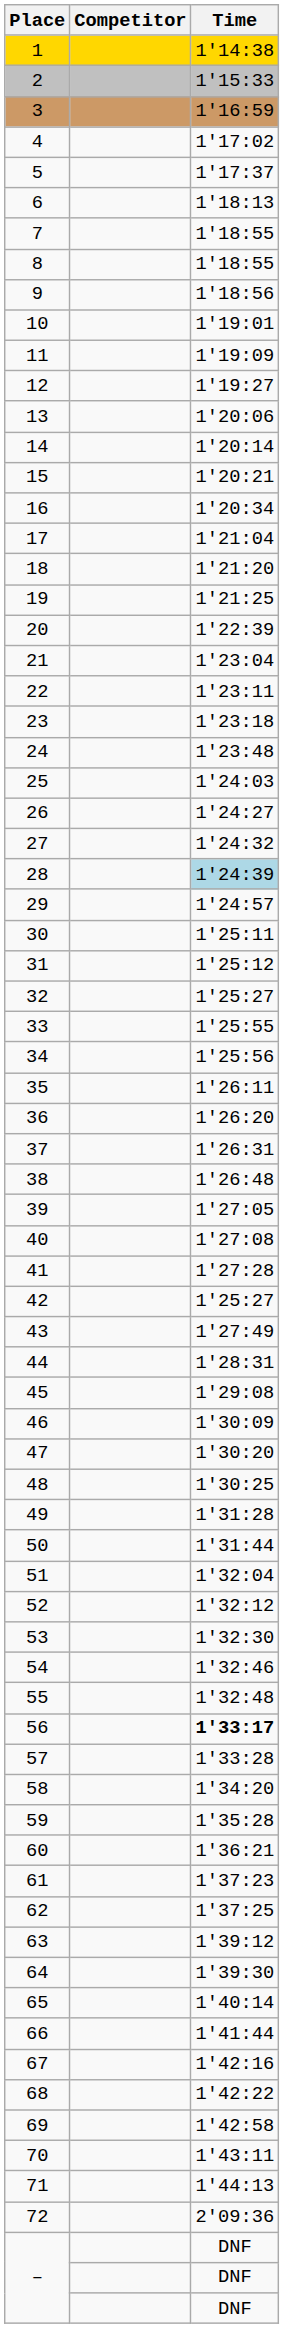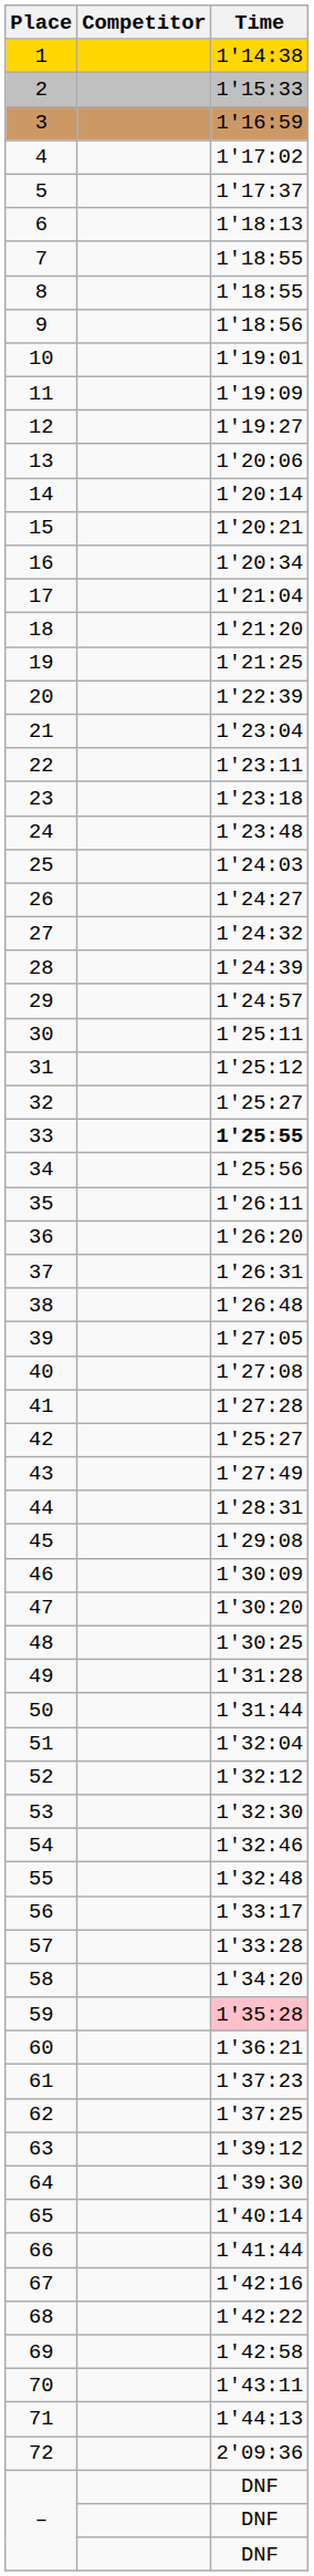 <table class=wikitable style="text-align:center">
 <tr>
 <th>Place</th>
 <th>Competitor</th>
 <th>Time</th>
 </tr>
 <tr align=center bgcolor=gold>
 <td>1</td>
 <td align=left></td>
 <td>1'14:38</td>
 </tr>
 <tr align=center bgcolor=silver>
 <td>2</td>
 <td align=left></td>
 <td>1'15:33</td>
 </tr>
 <tr align=center bgcolor=cc9966>
 <td>3</td>
 <td align=left></td>
 <td>1'16:59</td>
 </tr>
 <tr>
 <td>4</td>
 <td align=left></td>
 <td>1'17:02</td>
 </tr>
 <tr>
 <td>5</td>
 <td align=left></td>
 <td>1'17:37</td>
 </tr>
 <tr>
 <td>6</td>
 <td align=left></td>
 <td>1'18:13</td>
 </tr>
 <tr>
 <td>7</td>
 <td align=left></td>
 <td>1'18:55</td>
 </tr>
 <tr>
 <td>8</td>
 <td align=left></td>
 <td>1'18:55</td>
 </tr>
 <tr>
 <td>9</td>
 <td align=left></td>
 <td>1'18:56</td>
 </tr>
 <tr>
 <td>10</td>
 <td align=left></td>
 <td>1'19:01</td>
 </tr>
 <tr>
 <td>11</td>
 <td align=left></td>
 <td>1'19:09</td>
 </tr>
 <tr>
 <td>12</td>
 <td align=left></td>
 <td>1'19:27</td>
 </tr>
 <tr>
 <td>13</td>
 <td align=left></td>
 <td>1'20:06</td>
 </tr>
 <tr>
 <td>14</td>
 <td align=left></td>
 <td>1'20:14</td>
 </tr>
 <tr>
 <td>15</td>
 <td align=left></td>
 <td>1'20:21</td>
 </tr>
 <tr>
 <td>16</td>
 <td align=left></td>
 <td>1'20:34</td>
 </tr>
 <tr>
 <td>17</td>
 <td align=left></td>
 <td>1'21:04</td>
 </tr>
 <tr>
 <td>18</td>
 <td align=left></td>
 <td>1'21:20</td>
 </tr>
 <tr>
 <td>19</td>
 <td align=left></td>
 <td>1'21:25</td>
 </tr>
 <tr>
 <td>20</td>
 <td align=left></td>
 <td>1'22:39</td>
 </tr>
 <tr>
 <td>21</td>
 <td align=left></td>
 <td>1'23:04</td>
 </tr>
 <tr>
 <td>22</td>
 <td align=left></td>
 <td>1'23:11</td>
 </tr>
 <tr>
 <td>23</td>
 <td align=left></td>
 <td>1'23:18</td>
 </tr>
 <tr>
 <td>24</td>
 <td align=left></td>
 <td>1'23:48</td>
 </tr>
 <tr>
 <td>25</td>
 <td align=left></td>
 <td>1'24:03</td>
 </tr>
 <tr>
 <td>26</td>
 <td align=left></td>
 <td>1'24:27</td>
 </tr>
 <tr>
 <td>27</td>
 <td align=left></td>
 <td>1'24:32</td>
 </tr>
 <tr>
 <td>28</td>
 <td align=left></td>
-<td style="background: lightblue;">1'24:39</td>
+<td>1'24:39</td>
 </tr>
 <tr>
 <td>29</td>
 <td align=left></td>
 <td>1'24:57</td>
 </tr>
 <tr>
 <td>30</td>
 <td align=left></td>
 <td>1'25:11</td>
 </tr>
 <tr>
 <td>31</td>
 <td align=left></td>
 <td>1'25:12</td>
 </tr>
 <tr>
 <td>32</td>
 <td align=left></td>
 <td>1'25:27</td>
 </tr>
 <tr>
 <td>33</td>
 <td align=left></td>
-<td>1'25:55</td>
+<td><strong>1'25:55</strong></td>
 </tr>
 <tr>
 <td>34</td>
 <td align=left></td>
 <td>1'25:56</td>
 </tr>
 <tr>
 <td>35</td>
 <td align=left></td>
 <td>1'26:11</td>
 </tr>
 <tr>
 <td>36</td>
 <td align=left></td>
 <td>1'26:20</td>
 </tr>
 <tr>
 <td>37</td>
 <td align=left></td>
 <td>1'26:31</td>
 </tr>
 <tr>
 <td>38</td>
 <td align=left></td>
 <td>1'26:48</td>
 </tr>
 <tr>
 <td>39</td>
 <td align=left></td>
 <td>1'27:05</td>
 </tr>
 <tr>
 <td>40</td>
 <td align=left></td>
 <td>1'27:08</td>
 </tr>
 <tr>
 <td>41</td>
 <td align=left></td>
 <td>1'27:28</td>
 </tr>
 <tr>
 <td>42</td>
 <td align=left></td>
 <td>1'25:27</td>
 </tr>
 <tr>
 <td>43</td>
 <td align=left></td>
 <td>1'27:49</td>
 </tr>
 <tr>
 <td>44</td>
 <td align=left></td>
 <td>1'28:31</td>
 </tr>
 <tr>
 <td>45</td>
 <td align=left></td>
 <td>1'29:08</td>
 </tr>
 <tr>
 <td>46</td>
 <td align=left></td>
 <td>1'30:09</td>
 </tr>
 <tr>
 <td>47</td>
 <td align=left></td>
 <td>1'30:20</td>
 </tr>
 <tr>
 <td>48</td>
 <td align=left></td>
 <td>1'30:25</td>
 </tr>
 <tr>
 <td>49</td>
 <td align=left></td>
 <td>1'31:28</td>
 </tr>
 <tr>
 <td>50</td>
 <td align=left></td>
 <td>1'31:44</td>
 </tr>
 <tr>
 <td>51</td>
 <td align=left></td>
 <td>1'32:04</td>
 </tr>
 <tr>
 <td>52</td>
 <td align=left></td>
 <td>1'32:12</td>
 </tr>
 <tr>
 <td>53</td>
 <td align=left></td>
 <td>1'32:30</td>
 </tr>
 <tr>
 <td>54</td>
 <td align=left></td>
 <td>1'32:46</td>
 </tr>
 <tr>
 <td>55</td>
 <td align=left></td>
 <td>1'32:48</td>
 </tr>
 <tr>
 <td>56</td>
 <td align=left></td>
-<td><strong>1'33:17</strong></td>
+<td>1'33:17</td>
 </tr>
 <tr>
 <td>57</td>
 <td align=left></td>
 <td>1'33:28</td>
 </tr>
 <tr>
 <td>58</td>
 <td align=left></td>
 <td>1'34:20</td>
 </tr>
 <tr>
 <td>59</td>
 <td align=left></td>
-<td>1'35:28</td>
+<td style="background: pink;">1'35:28</td>
 </tr>
 <tr>
 <td>60</td>
 <td align=left></td>
 <td>1'36:21</td>
 </tr>
 <tr>
 <td>61</td>
 <td align=left></td>
 <td>1'37:23</td>
 </tr>
 <tr>
 <td>62</td>
 <td align=left></td>
 <td>1'37:25</td>
 </tr>
 <tr>
 <td>63</td>
 <td align=left></td>
 <td>1'39:12</td>
 </tr>
 <tr>
 <td>64</td>
 <td align=left></td>
 <td>1'39:30</td>
 </tr>
 <tr>
 <td>65</td>
 <td align=left></td>
 <td>1'40:14</td>
 </tr>
 <tr>
 <td>66</td>
 <td align=left></td>
 <td>1'41:44</td>
 </tr>
 <tr>
 <td>67</td>
 <td align=left></td>
 <td>1'42:16</td>
 </tr>
 <tr>
 <td>68</td>
 <td align=left></td>
 <td>1'42:22</td>
 </tr>
 <tr>
 <td>69</td>
 <td align=left></td>
 <td>1'42:58</td>
 </tr>
 <tr>
 <td>70</td>
 <td align=left></td>
 <td>1'43:11</td>
 </tr>
 <tr>
 <td>71</td>
 <td align=left></td>
 <td>1'44:13</td>
 </tr>
 <tr>
 <td>72</td>
 <td align=left></td>
 <td>2'09:36</td>
 </tr>
 <tr>
 <td rowspan=3>–</td>
 <td align=left></td>
 <td>DNF</td>
 </tr>
 <tr>
 <td align=left></td>
 <td>DNF</td>
 </tr>
 <tr>
 <td align=left></td>
 <td>DNF</td>
 </tr>
 </table>
